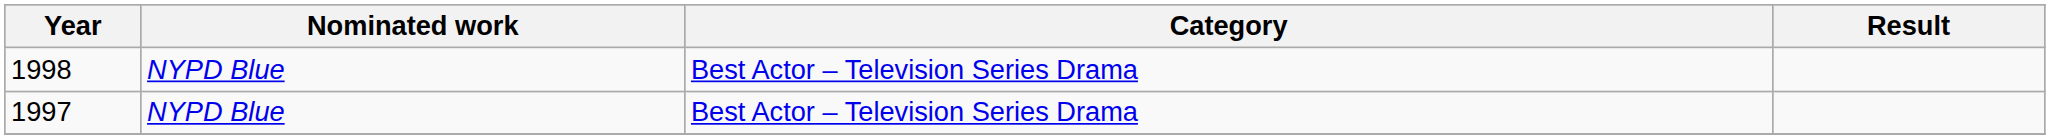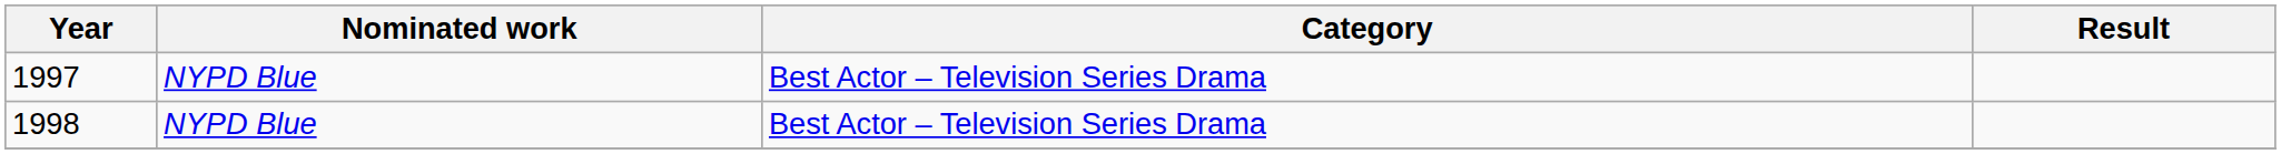 <table width="95%" class="wikitable sortable">
 <tr>
 <th width="5%">Year</th>
 <th width="20%">Nominated work</th>
 <th width="40%">Category</th>
 <th width="10%">Result</th>
 </tr>
 <tr>
-<td>1998</td>
+<td>1997</td>
 <td><em><a href='#'>NYPD Blue</a></em></td>
 <td><a href='#'>Best Actor – Television Series Drama</a></td>
 <td></td>
 </tr>
 <tr>
-<td>1997</td>
+<td>1998</td>
 <td><em><a href='#'>NYPD Blue</a></em></td>
 <td><a href='#'>Best Actor – Television Series Drama</a></td>
 <td></td>
 </tr>
 <tr>
 </tr>
 </table>
